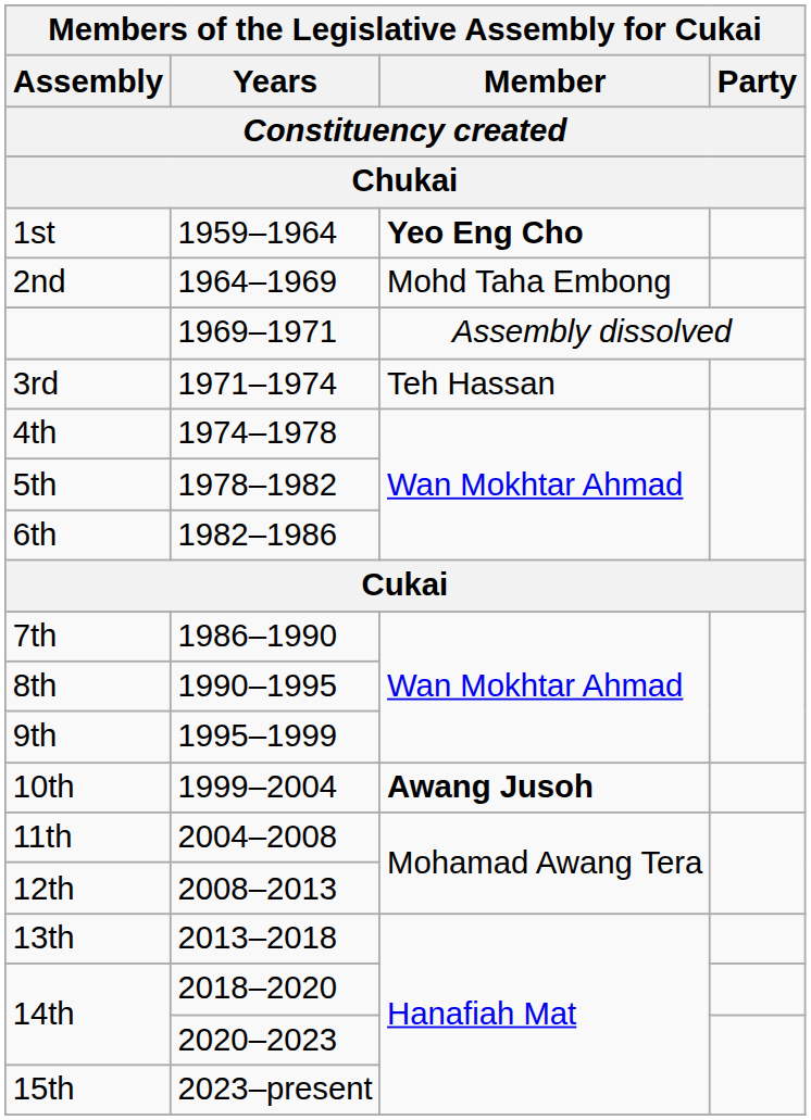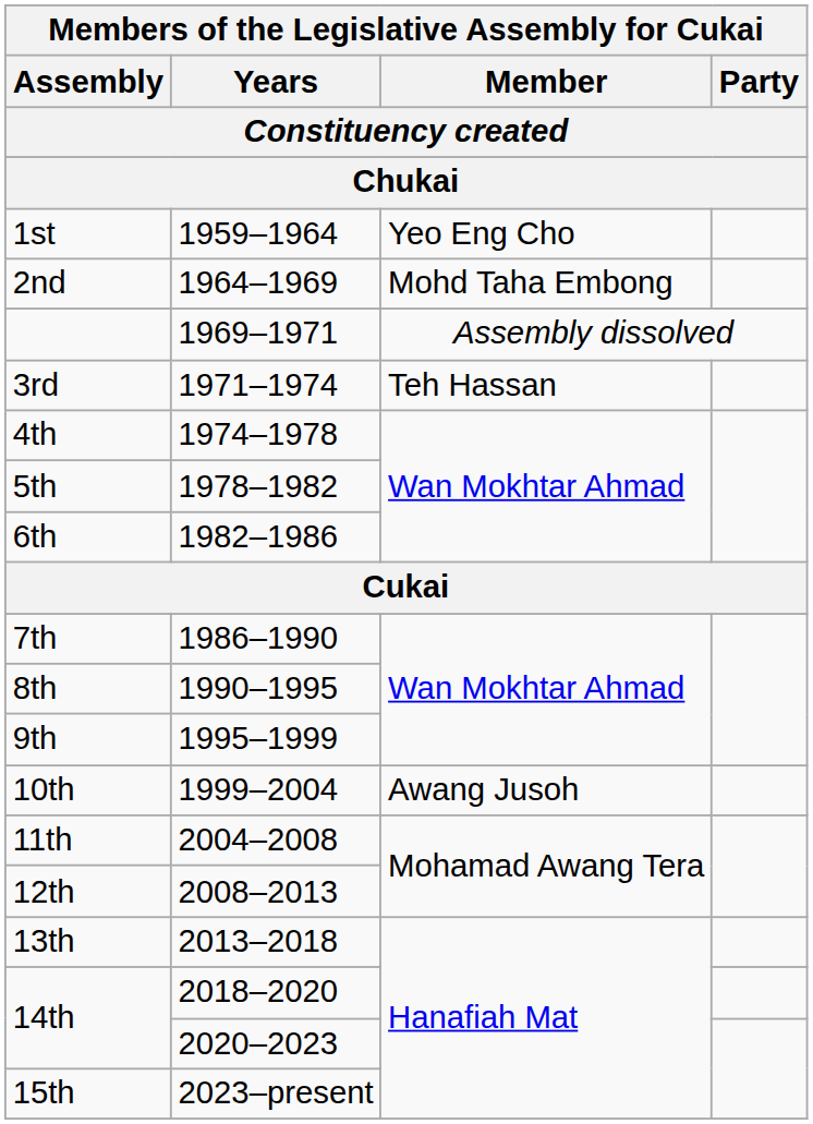 <table class=wikitable>
 <tr>
 <th colspan=4>Members of the Legislative Assembly for Cukai</th>
 </tr>
 <tr>
 <th>Assembly</th>
 <th>Years</th>
 <th>Member</th>
 <th>Party</th>
 </tr>
 <tr>
 <th colspan=4 align=center><em>Constituency created</em></th>
 </tr>
 <tr>
 <th colspan=4 align=center>Chukai</th>
 </tr>
 <tr>
 <td>1st</td>
 <td>1959–1964</td>
-<td><strong>Yeo Eng Cho</strong></td>
+<td>Yeo Eng Cho</td>
 <td></td>
 </tr>
 <tr>
 <td>2nd</td>
 <td>1964–1969</td>
 <td>Mohd Taha Embong</td>
 <td></td>
 </tr>
 <tr>
 <td></td>
 <td>1969–1971</td>
 <td colspan=2 align=center><em>Assembly dissolved</em></td>
 </tr>
 <tr>
 <td>3rd</td>
 <td>1971–1974</td>
 <td>Teh Hassan</td>
 <td></td>
 </tr>
 <tr>
 <td>4th</td>
 <td>1974–1978</td>
 <td rowspan=3><a href='#'>Wan Mokhtar Ahmad</a></td>
 <td rowspan=3></td>
 </tr>
 <tr>
 <td>5th</td>
 <td>1978–1982</td>
 </tr>
 <tr>
 <td>6th</td>
 <td>1982–1986</td>
 </tr>
 <tr>
 <th colspan=4 align=center>Cukai</th>
 </tr>
 <tr>
 <td>7th</td>
 <td>1986–1990</td>
 <td rowspan=3><a href='#'>Wan Mokhtar Ahmad</a></td>
 <td rowspan=3></td>
 </tr>
 <tr>
 <td>8th</td>
 <td>1990–1995</td>
 </tr>
 <tr>
 <td>9th</td>
 <td>1995–1999</td>
 </tr>
 <tr>
 <td>10th</td>
 <td>1999–2004</td>
-<td><strong>Awang Jusoh</strong></td>
+<td>Awang Jusoh</td>
 <td></td>
 </tr>
 <tr>
 <td>11th</td>
 <td>2004–2008</td>
 <td rowspan=2>Mohamad Awang Tera</td>
 <td rowspan=2></td>
 </tr>
 <tr>
 <td>12th</td>
 <td>2008–2013</td>
 </tr>
 <tr>
 <td>13th</td>
 <td>2013–2018</td>
 <td rowspan=4><a href='#'>Hanafiah Mat</a></td>
 <td></td>
 </tr>
 <tr>
 <td rowspan=2>14th</td>
 <td>2018–2020</td>
 <td></td>
 </tr>
 <tr>
 <td>2020–2023</td>
 <td rowspan=2></td>
 </tr>
 <tr>
 <td>15th</td>
 <td>2023–present</td>
 </tr>
 </table>
